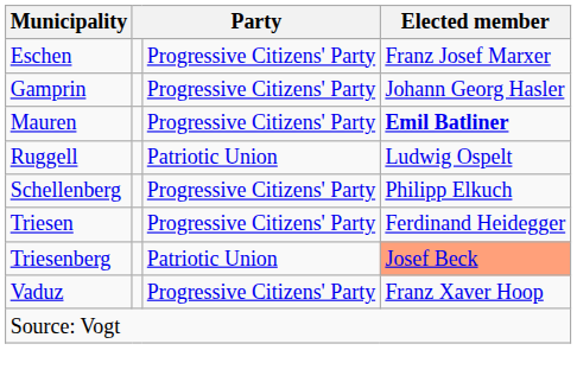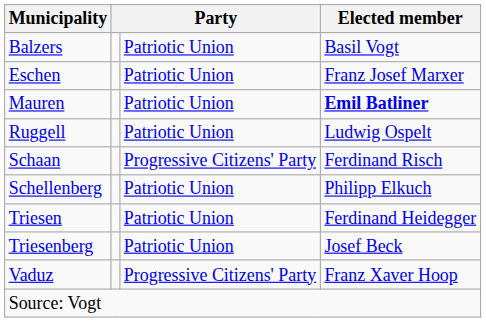 <table class="wikitable">
 <tr>
 <th>Municipality</th>
 <th colspan="2">Party</th>
 <th>Elected member</th>
 </tr>
 <tr>
+<td><a href='#'>Balzers</a></td>
+<td bgcolor=></td>
+<td style="text-align: left;"><a href='#'>Patriotic Union</a></td>
+<td align="left"><a href='#'>Basil Vogt</a></td>
+</tr>
+<tr>
 <td><a href='#'>Eschen</a></td>
 <td></td>
-<td style="text-align: left;"><a href='#'>Progressive Citizens' Party</a></td>
+<td style="text-align: left;"><a href='#'>Patriotic Union</a></td>
 <td align="left"><a href='#'>Franz Josef Marxer</a></td>
-</tr>
-<tr>
-<td><a href='#'>Gamprin</a></td>
-<td></td>
-<td style="text-align: left;"><a href='#'>Progressive Citizens' Party</a></td>
-<td align="left"><a href='#'>Johann Georg Hasler</a></td>
 </tr>
 <tr>
 <td><a href='#'>Mauren</a></td>
 <td></td>
-<td style="text-align: left;"><a href='#'>Progressive Citizens' Party</a></td>
+<td style="text-align: left;"><a href='#'>Patriotic Union</a></td>
 <td align="left"><strong><a href='#'>Emil Batliner</a></strong></td>
 </tr>
 <tr>
 <td><a href='#'>Ruggell</a></td>
 <td></td>
 <td style="text-align: left;"><a href='#'>Patriotic Union</a></td>
 <td align="left"><a href='#'>Ludwig Ospelt</a></td>
 </tr>
 <tr>
+<td><a href='#'>Schaan</a></td>
+<td></td>
+<td style="text-align: left;"><a href='#'>Progressive Citizens' Party</a></td>
+<td align="left"><a href='#'>Ferdinand Risch</a></td>
+</tr>
+<tr>
 <td><a href='#'>Schellenberg</a></td>
 <td></td>
-<td style="text-align: left;"><a href='#'>Progressive Citizens' Party</a></td>
+<td style="text-align: left;"><a href='#'>Patriotic Union</a></td>
 <td align="left"><a href='#'>Philipp Elkuch</a></td>
 </tr>
 <tr>
 <td><a href='#'>Triesen</a></td>
 <td bgcolor=></td>
-<td style="text-align: left;"><a href='#'>Progressive Citizens' Party</a></td>
+<td style="text-align: left;"><a href='#'>Patriotic Union</a></td>
 <td align="left"><a href='#'>Ferdinand Heidegger</a></td>
 </tr>
 <tr>
 <td><a href='#'>Triesenberg</a></td>
 <td bgcolor=></td>
 <td style="text-align: left;"><a href='#'>Patriotic Union</a></td>
-<td align="left" style="background: lightsalmon;"><a href='#'>Josef Beck</a></td>
+<td align="left"><a href='#'>Josef Beck</a></td>
 </tr>
 <tr>
 <td><a href='#'>Vaduz</a></td>
 <td></td>
 <td style="text-align: left;"><a href='#'>Progressive Citizens' Party</a></td>
 <td align="left"><a href='#'>Franz Xaver Hoop</a></td>
 </tr>
 <tr>
 <td colspan="4">Source: Vogt</td>
 </tr>
 </table>
